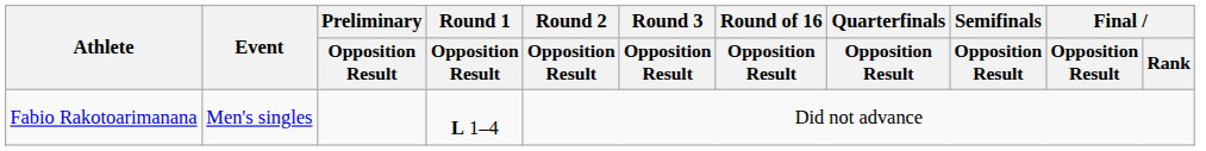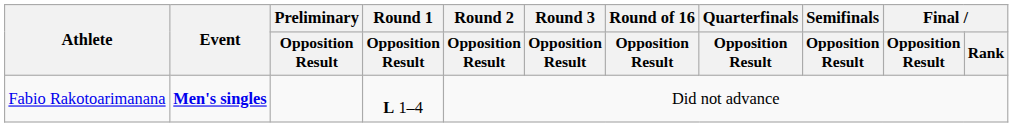 <table class=wikitable style=font-size:90%;text-align:center>
 <tr>
 <th rowspan=2>Athlete</th>
 <th rowspan=2>Event</th>
 <th>Preliminary</th>
 <th>Round 1</th>
 <th>Round 2</th>
 <th>Round 3</th>
 <th>Round of 16</th>
 <th>Quarterfinals</th>
 <th>Semifinals</th>
 <th colspan=2>Final / </th>
 </tr>
 <tr style=font-size:95%>
 <th>Opposition<br>Result</th>
 <th>Opposition<br>Result</th>
 <th>Opposition<br>Result</th>
 <th>Opposition<br>Result</th>
 <th>Opposition<br>Result</th>
 <th>Opposition<br>Result</th>
 <th>Opposition<br>Result</th>
 <th>Opposition<br>Result</th>
 <th>Rank</th>
 </tr>
 <tr>
 <td align=left><a href='#'>Fabio Rakotoarimanana</a></td>
-<td align=left><a href='#'>Men's singles</a></td>
+<td align=left><strong><a href='#'>Men's singles</a></strong></td>
 <td></td>
 <td><br><strong>L</strong> 1–4</td>
 <td colspan=7>Did not advance</td>
 </tr>
 </table>
